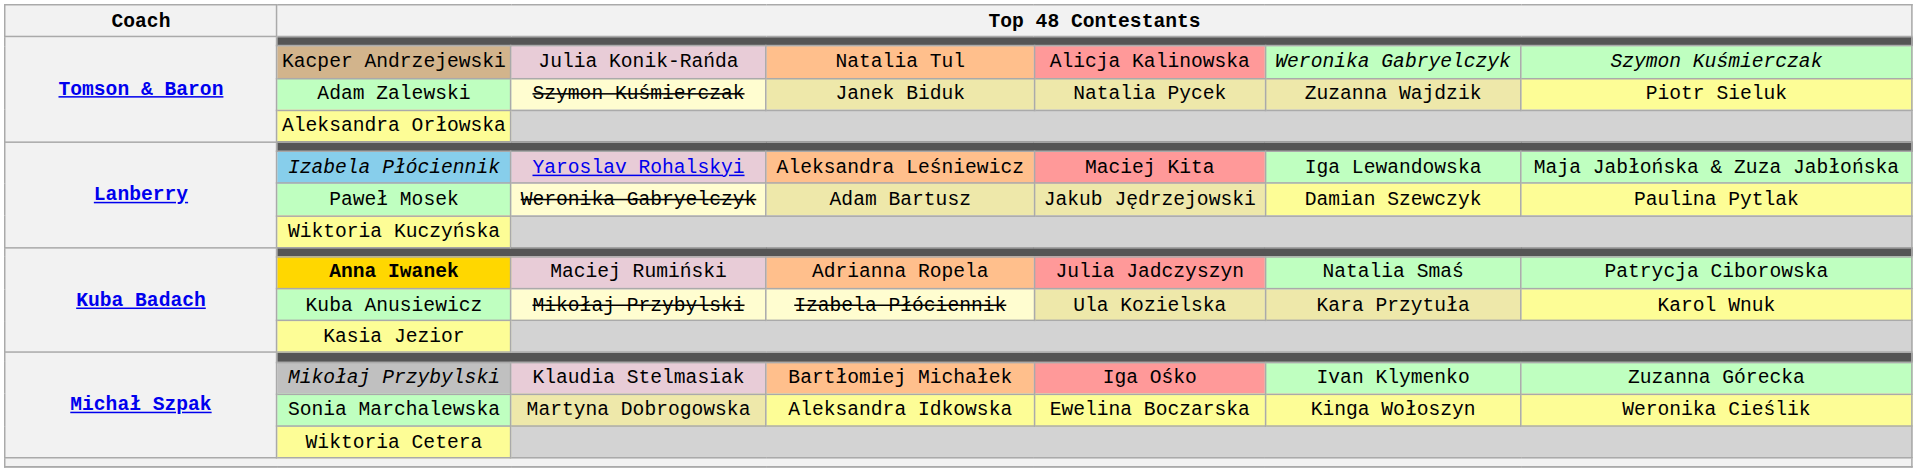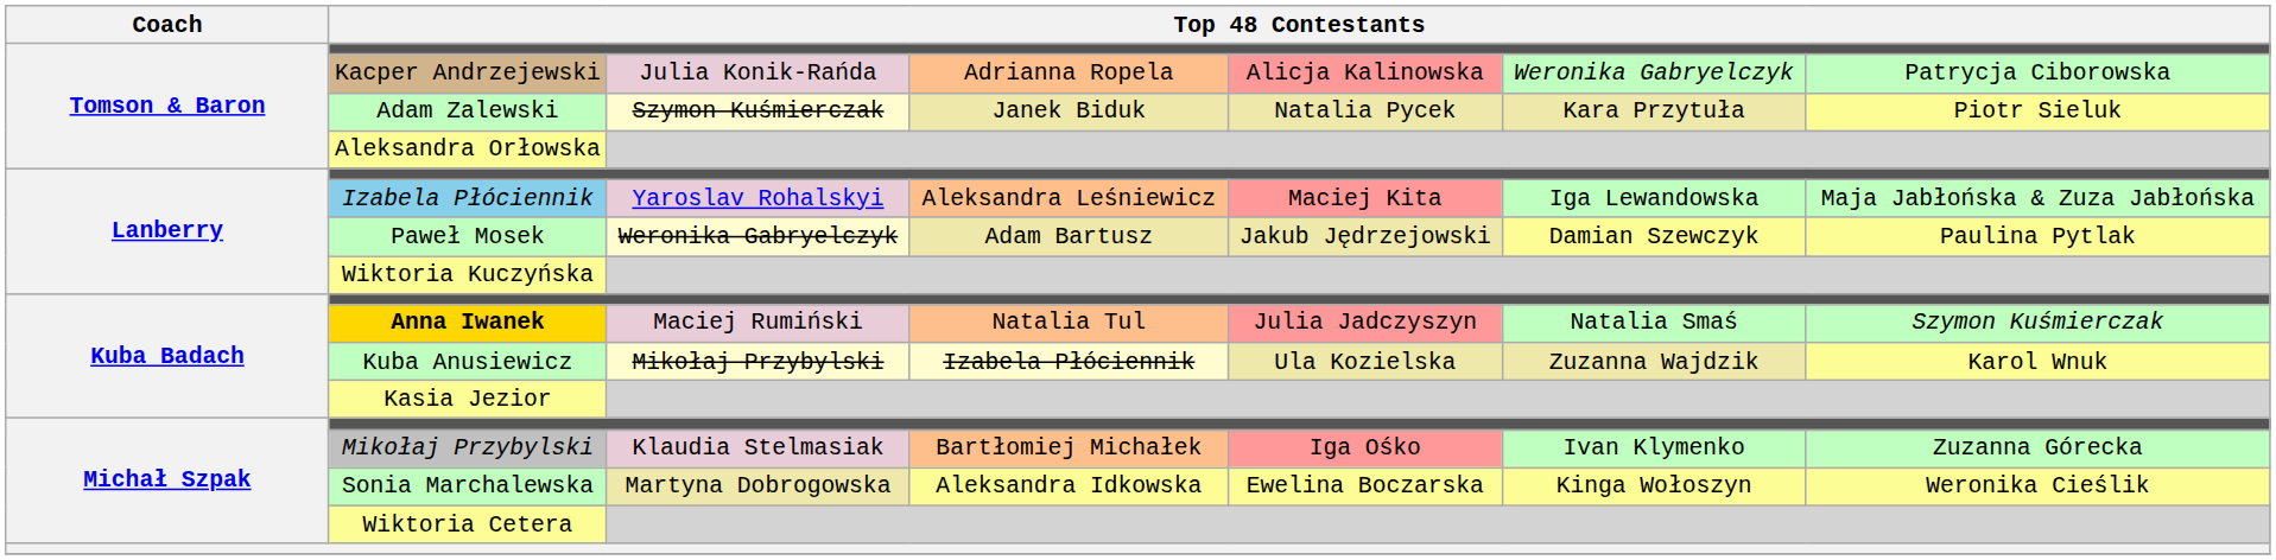 <table class="wikitable" style="text-align:center; width:100%">
 <tr>
 <th scope="col" style="width:14%">Coach</th>
 <th scope="col" style="width:84%" colspan="6">Top 48 Contestants</th>
 </tr>
 <tr>
 <th rowspan="4"><a href='#'>Tomson & Baron</a></th>
 <td colspan="6" style="background:#555"></td>
 </tr>
 <tr>
 <td style="background: tan">Kacper Andrzejewski</td>
 <td style="background:#E8CCD7">Julia Konik-Rańda</td>
-<td style="background:#ffbf8c">Natalia Tul</td>
+<td style="background:#ffbf8c">Adrianna Ropela</td>
 <td style="background:#FF9999">Alicja Kalinowska</td>
 <td style="background:#BFFFC0"><em>Weronika Gabryelczyk</em></td>
-<td style="background:#BFFFC0"><em>Szymon Kuśmierczak</em></td>
+<td style="background:#BFFFC0">Patrycja Ciborowska</td>
 </tr>
 <tr>
 <td style="background:#BFFFC0">Adam Zalewski</td>
 <td style="background:#FFFDD0"><s>Szymon Kuśmierczak</s></td>
 <td style="background:palegoldenrod">Janek Biduk</td>
 <td style="background:palegoldenrod">Natalia Pycek</td>
-<td style="background:palegoldenrod">Zuzanna Wajdzik</td>
+<td style="background:palegoldenrod">Kara Przytuła</td>
 <td style="background:#FDFD96">Piotr Sieluk</td>
 </tr>
 <tr>
 <td style="background:#FDFD96">Aleksandra Orłowska</td>
 <td colspan="5" style="background:lightgrey"></td>
 </tr>
 <tr>
 <th rowspan="4"><a href='#'>Lanberry</a></th>
 <td colspan="6" style="background:#555"></td>
 </tr>
 <tr>
 <td style="background:skyblue"><em>Izabela Płóciennik</em></td>
 <td style="background:#E8CCD7"><a href='#'>Yaroslav Rohalskyi</a></td>
 <td style="background:#ffbf8c">Aleksandra Leśniewicz</td>
 <td style="background:#FF9999">Maciej Kita</td>
 <td style="background:#BFFFC0">Iga Lewandowska</td>
 <td style="background:#BFFFC0">Maja Jabłońska & Zuza Jabłońska</td>
 </tr>
 <tr>
 <td style="background:#BFFFC0">Paweł Mosek</td>
 <td style="background:#FFFDD0"><s>Weronika Gabryelczyk</s></td>
 <td style="background:palegoldenrod">Adam Bartusz</td>
 <td style="background:palegoldenrod">Jakub Jędrzejowski</td>
 <td style="background:#FDFD96">Damian Szewczyk</td>
 <td style="background:#FDFD96">Paulina Pytlak</td>
 </tr>
 <tr>
 <td style="background:#FDFD96">Wiktoria Kuczyńska</td>
 <td colspan="5" style="background:lightgrey"></td>
 </tr>
 <tr>
 <th rowspan="4"><a href='#'>Kuba Badach</a></th>
 <td colspan="6" style="background:#555"></td>
 </tr>
 <tr>
 <td style="background:gold"><strong>Anna Iwanek</strong></td>
 <td style="background:#E8CCD7">Maciej Rumiński</td>
-<td style="background:#ffbf8c">Adrianna Ropela</td>
+<td style="background:#ffbf8c">Natalia Tul</td>
 <td style="background:#FF9999">Julia Jadczyszyn</td>
 <td style="background:#BFFFC0">Natalia Smaś</td>
-<td style="background:#BFFFC0">Patrycja Ciborowska</td>
+<td style="background:#BFFFC0"><em>Szymon Kuśmierczak</em></td>
 </tr>
 <tr>
 <td style="background:#BFFFC0">Kuba Anusiewicz</td>
 <td style="background:#FFFDD0"><s>Mikołaj Przybylski</s></td>
 <td style="background:#FFFDD0"><s>Izabela Płóciennik</s></td>
 <td style="background:palegoldenrod">Ula Kozielska</td>
-<td style="background:palegoldenrod">Kara Przytuła</td>
+<td style="background:palegoldenrod">Zuzanna Wajdzik</td>
 <td style="background:#FDFD96">Karol Wnuk</td>
 </tr>
 <tr>
 <td style="background:#FDFD96">Kasia Jezior</td>
 <td colspan="5" style="background:lightgrey"></td>
 </tr>
 <tr>
 <th rowspan="4"><a href='#'>Michał Szpak</a></th>
 <td colspan="6" style="background:#555"></td>
 </tr>
 <tr>
 <td style="background:silver"><em>Mikołaj Przybylski</em></td>
 <td style="background:#E8CCD7">Klaudia Stelmasiak</td>
 <td style="background:#ffbf8c">Bartłomiej Michałek</td>
 <td style="background:#FF9999">Iga Ośko</td>
 <td style="background:#BFFFC0">Ivan Klymenko</td>
 <td style="background:#BFFFC0">Zuzanna Górecka</td>
 </tr>
 <tr>
 <td style="background:#BFFFC0">Sonia Marchalewska</td>
 <td style="background:palegoldenrod">Martyna Dobrogowska</td>
 <td style="background:#FDFD96">Aleksandra Idkowska</td>
 <td style="background:#FDFD96">Ewelina Boczarska</td>
 <td style="background:#FDFD96">Kinga Wołoszyn</td>
 <td style="background:#FDFD96">Weronika Cieślik</td>
 </tr>
 <tr>
 <td width="12%" style="background:#FDFD96">Wiktoria Cetera</td>
 <td colspan="5" style="background:lightgrey"></td>
 </tr>
 <tr>
 <th colspan="7" style="font-size:95%; line-height:14px"></th>
 </tr>
 <tr>
 </tr>
 </table>
